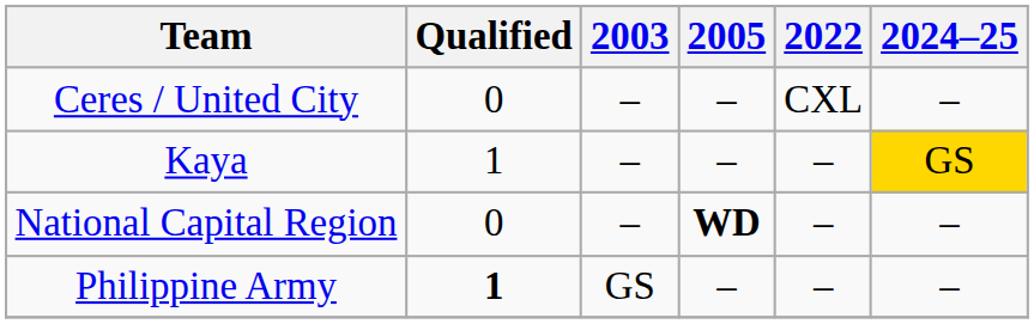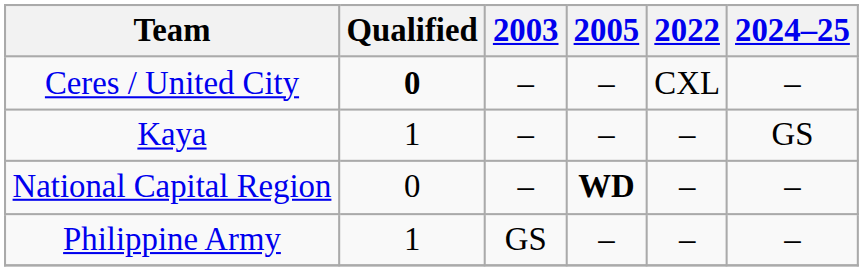 <table class="wikitable" style="text-align: center">
 <tr>
 <th>Team</th>
 <th>Qualified</th>
 <th><a href='#'>2003</a></th>
 <th><a href='#'>2005</a></th>
 <th><a href='#'>2022</a></th>
 <th><a href='#'>2024–25</a></th>
 </tr>
 <tr>
 <td><a href='#'>Ceres / United City</a></td>
-<td>0</td>
+<td><strong>0</strong></td>
 <td>–</td>
 <td>–</td>
 <td>CXL</td>
 <td>–</td>
 </tr>
 <tr>
 <td><a href='#'>Kaya</a></td>
 <td>1</td>
 <td>–</td>
 <td>–</td>
 <td>–</td>
-<td style="background: gold;">GS</td>
+<td>GS</td>
 </tr>
 <tr>
 <td><a href='#'>National Capital Region</a></td>
 <td>0</td>
 <td>–</td>
 <td><strong>WD</strong></td>
 <td>–</td>
 <td>–</td>
 </tr>
 <tr>
 <td><a href='#'>Philippine Army</a></td>
-<td><strong>1</strong></td>
+<td>1</td>
 <td>GS</td>
 <td>–</td>
 <td>–</td>
 <td>–</td>
 </tr>
 <tr>
 </tr>
 </table>
